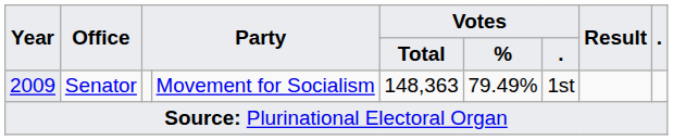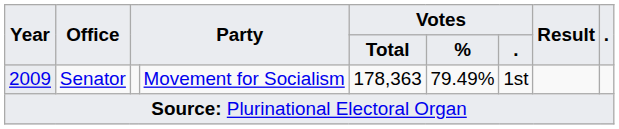 <table class="wikitable" style="font-size:90%; text-align:center;">
 <tr>
 <th style="background-color:#EAECF0;" rowspan=2>Year</th>
 <th style="background-color:#EAECF0;" rowspan=2>Office</th>
 <th style="background-color:#EAECF0;" colspan=2 rowspan=2>Party</th>
 <th style="background-color:#EAECF0;" colspan=3>Votes</th>
 <th style="background-color:#EAECF0;" rowspan=2>Result</th>
 <th style="background-color:#EAECF0;" rowspan=2>.</th>
 </tr>
 <tr>
 <th style="background-color:#EAECF0;">Total</th>
 <th style="background-color:#EAECF0;">%</th>
 <th style="background-color:#EAECF0;">.</th>
 </tr>
 <tr>
 <td style="background-color:#EAECF0;"><a href='#'>2009</a></td>
 <td><a href='#'>Senator</a></td>
 <td style="background-color:"></td>
 <td><a href='#'>Movement for Socialism</a></td>
-<td>148,363</td>
+<td>178,363</td>
 <td>79.49%</td>
 <td>1st</td>
 <td></td>
 <td></td>
 </tr>
 <tr>
 <td style="background-color:#EAECF0;" colspan=9><strong>Source:</strong> <a href='#'>Plurinational Electoral Organ</a>  </td>
 </tr>
 </table>
